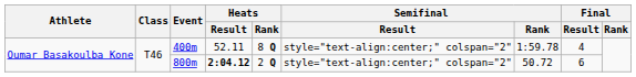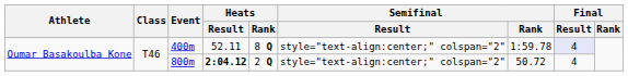 <table class=wikitable style="font-size:90%">
 <tr>
 <th rowspan="2">Athlete</th>
 <th rowspan="2">Class</th>
 <th rowspan="2">Event</th>
 <th colspan="2">Heats</th>
 <th colspan="2">Semifinal</th>
 <th colspan="2">Final</th>
 </tr>
 <tr>
 <th>Result</th>
 <th>Rank</th>
 <th>Result</th>
 <th>Rank</th>
 <th>Result</th>
 <th>Rank</th>
 </tr>
 <tr>
 <td rowspan="2"><a href='#'>Oumar Basakoulba Kone</a></td>
 <td rowspan="2" style="text-align:center;">T46</td>
 <td><a href='#'>400m</a></td>
 <td style="text-align:center;">52.11</td>
 <td style="text-align:center;">8 <strong>Q</strong></td>
 <td>style="text-align:center;" colspan="2" </td>
 <td style="text-align:center;">1:59.78</td>
-<td style="text-align:center;">4</td>
+<td style="background: lavender; text-align:center;">4</td>
 </tr>
 <tr>
 <td><a href='#'>800m</a></td>
 <td style="text-align:center;"><strong>2:04.12</strong></td>
 <td style="text-align:center;">2 <strong>Q</strong></td>
 <td>style="text-align:center;" colspan="2" </td>
 <td style="text-align:center;">50.72</td>
-<td style="text-align:center;">6</td>
+<td style="text-align:center;">4</td>
 </tr>
 </table>
